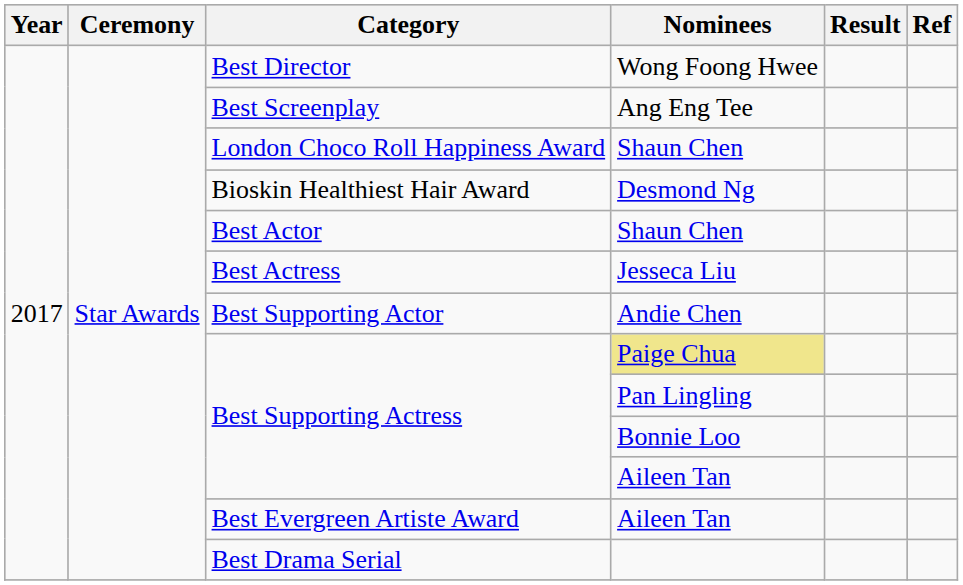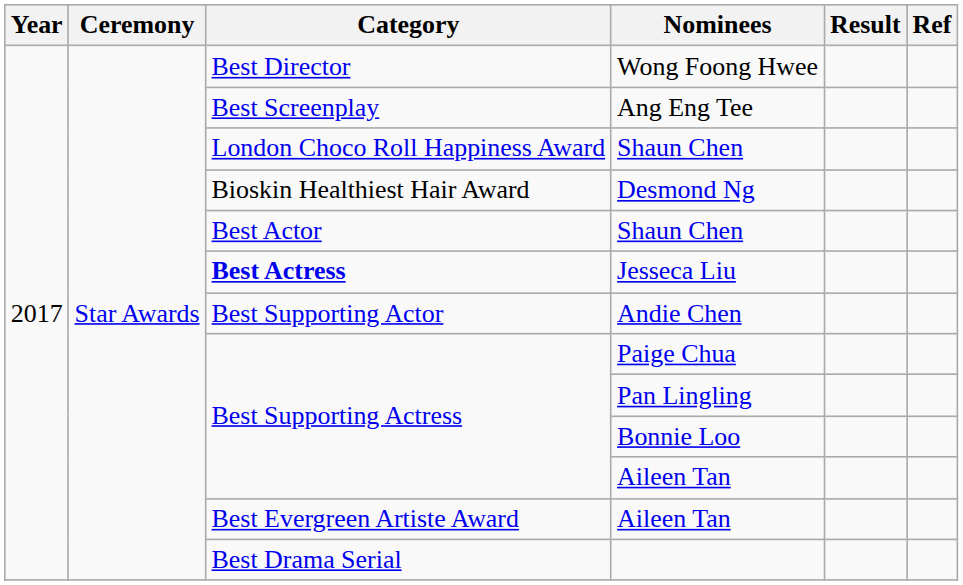 <table class="wikitable sortable">
 <tr>
 <th>Year</th>
 <th>Ceremony</th>
 <th>Category</th>
 <th>Nominees</th>
 <th>Result</th>
 <th>Ref</th>
 </tr>
 <tr>
 <td rowspan="13">2017</td>
 <td rowspan="13"><a href='#'>Star Awards</a></td>
 <td><a href='#'>Best Director</a></td>
 <td>Wong Foong Hwee</td>
 <td></td>
 <td></td>
 </tr>
 <tr>
 <td><a href='#'>Best Screenplay</a></td>
 <td>Ang Eng Tee</td>
 <td></td>
 <td></td>
 </tr>
 <tr>
 <td><a href='#'>London Choco Roll Happiness Award</a></td>
 <td><a href='#'>Shaun Chen</a></td>
 <td></td>
 <td></td>
 </tr>
 <tr>
 <td>Bioskin Healthiest Hair Award</td>
 <td><a href='#'>Desmond Ng</a></td>
 <td></td>
 <td></td>
 </tr>
 <tr>
 <td><a href='#'>Best Actor</a></td>
 <td><a href='#'>Shaun Chen</a></td>
 <td></td>
 <td></td>
 </tr>
 <tr>
-<td><a href='#'>Best Actress</a></td>
+<td><strong><a href='#'>Best Actress</a></strong></td>
 <td><a href='#'>Jesseca Liu</a></td>
 <td></td>
 <td></td>
 </tr>
 <tr>
 <td><a href='#'>Best Supporting Actor</a></td>
 <td><a href='#'>Andie Chen</a></td>
 <td></td>
 <td></td>
 </tr>
 <tr>
 <td rowspan="4"><a href='#'>Best Supporting Actress</a></td>
-<td style="background: khaki;"><a href='#'>Paige Chua</a></td>
+<td><a href='#'>Paige Chua</a></td>
 <td></td>
 <td></td>
 </tr>
 <tr>
 <td><a href='#'>Pan Lingling</a></td>
 <td></td>
 <td></td>
 </tr>
 <tr>
 <td><a href='#'>Bonnie Loo</a></td>
 <td></td>
 <td></td>
 </tr>
 <tr>
 <td><a href='#'>Aileen Tan</a></td>
 <td></td>
 <td></td>
 </tr>
 <tr>
 <td><a href='#'>Best Evergreen Artiste Award</a></td>
 <td><a href='#'>Aileen Tan</a></td>
 <td></td>
 <td></td>
 </tr>
 <tr>
 <td><a href='#'>Best Drama Serial</a></td>
 <td></td>
 <td></td>
 <td></td>
 </tr>
 </table>
